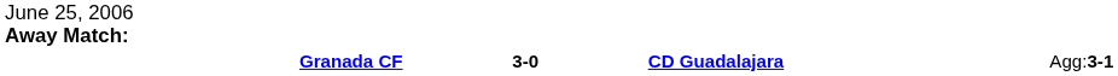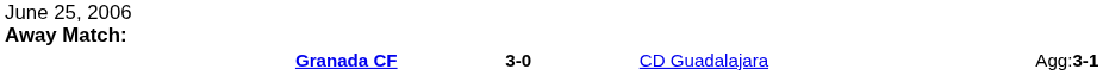 <table width=100% cellspacing=1>
 <tr>
 <th width=20%></th>
 <th width=12%></th>
 <th width=20%></th>
 <th></th>
 </tr>
 <tr>
 <td>June 25, 2006<br><strong>Away Match:</strong></td>
 </tr>
 <tr style=font-size:90%>
 <td align=right><strong><a href='#'>Granada CF</a></strong></td>
 <td align=center><strong>3-0</strong></td>
-<td><strong><a href='#'>CD Guadalajara</a></strong></td>
+<td><a href='#'>CD Guadalajara</a></td>
 <td>Agg:<strong>3-1</strong></td>
 </tr>
 </table>
